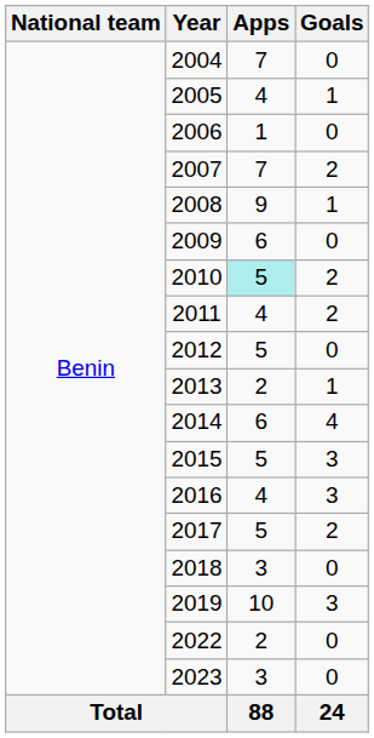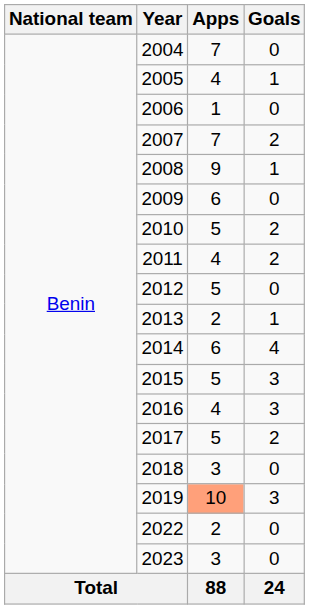 <table class="wikitable" style="text-align:center">
 <tr>
 <th>National team</th>
 <th>Year</th>
 <th>Apps</th>
 <th>Goals</th>
 </tr>
 <tr>
 <td rowspan="18"><a href='#'>Benin</a></td>
 <td>2004</td>
 <td>7</td>
 <td>0</td>
 </tr>
 <tr>
 <td>2005</td>
 <td>4</td>
 <td>1</td>
 </tr>
 <tr>
 <td>2006</td>
 <td>1</td>
 <td>0</td>
 </tr>
 <tr>
 <td>2007</td>
 <td>7</td>
 <td>2</td>
 </tr>
 <tr>
 <td>2008</td>
 <td>9</td>
 <td>1</td>
 </tr>
 <tr>
 <td>2009</td>
 <td>6</td>
 <td>0</td>
 </tr>
 <tr>
 <td>2010</td>
-<td style="background: paleturquoise;">5</td>
+<td>5</td>
 <td>2</td>
 </tr>
 <tr>
 <td>2011</td>
 <td>4</td>
 <td>2</td>
 </tr>
 <tr>
 <td>2012</td>
 <td>5</td>
 <td>0</td>
 </tr>
 <tr>
 <td>2013</td>
 <td>2</td>
 <td>1</td>
 </tr>
 <tr>
 <td>2014</td>
 <td>6</td>
 <td>4</td>
 </tr>
 <tr>
 <td>2015</td>
 <td>5</td>
 <td>3</td>
 </tr>
 <tr>
 <td>2016</td>
 <td>4</td>
 <td>3</td>
 </tr>
 <tr>
 <td>2017</td>
 <td>5</td>
 <td>2</td>
 </tr>
 <tr>
 <td>2018</td>
 <td>3</td>
 <td>0</td>
 </tr>
 <tr>
 <td>2019</td>
-<td>10</td>
+<td style="background: lightsalmon;">10</td>
 <td>3</td>
 </tr>
 <tr>
 <td>2022</td>
 <td>2</td>
 <td>0</td>
 </tr>
 <tr>
 <td>2023</td>
 <td>3</td>
 <td>0</td>
 </tr>
 <tr>
 <th colspan="2">Total</th>
 <th>88</th>
 <th>24</th>
 </tr>
 </table>
